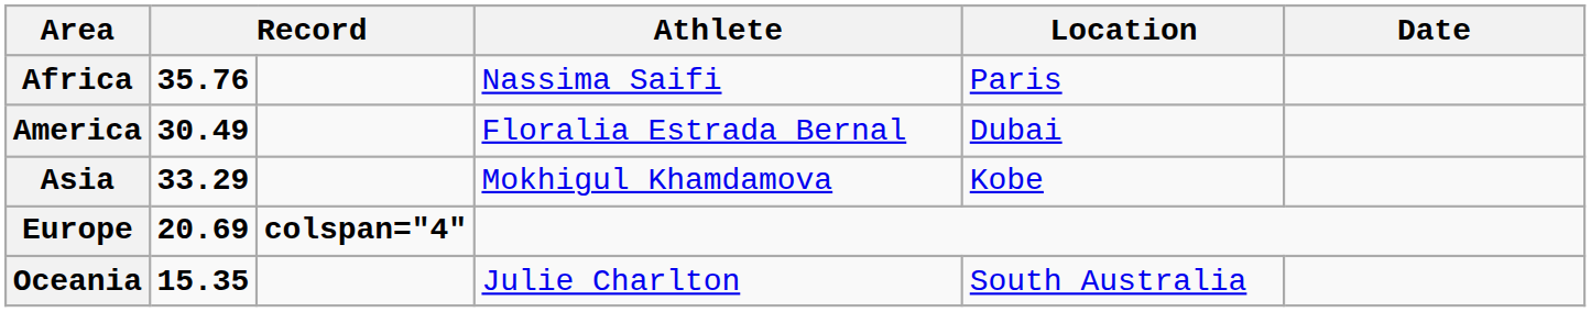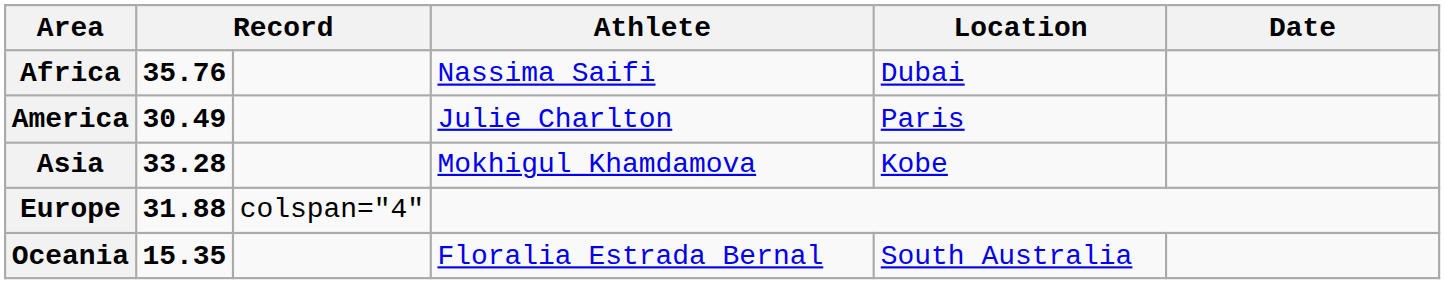 <table class="wikitable">
 <tr>
 <th width="45">Area</th>
 <th width="80" colspan="2">Record</th>
 <th width="200">Athlete</th>
 <th width="130">Location</th>
 <th width="120">Date</th>
 </tr>
 <tr>
 <th>Africa</th>
 <td align="center"><strong>35.76</strong></td>
 <td align="center"><strong></strong></td>
 <td> <a href='#'>Nassima Saifi</a></td>
-<td> <a href='#'>Paris</a></td>
+<td> <a href='#'>Dubai</a></td>
 <td align="right"></td>
 </tr>
 <tr>
 <th>America</th>
 <td align="center"><strong>30.49</strong></td>
 <td align="center"></td>
-<td> <a href='#'>Floralia Estrada Bernal</a></td>
-<td> <a href='#'>Dubai</a></td>
+<td> <a href='#'>Julie Charlton</a></td>
+<td> <a href='#'>Paris</a></td>
 <td align="right"></td>
 </tr>
 <tr>
 <th>Asia</th>
-<td align="center"><strong>33.29</strong></td>
+<td align="center"><strong>33.28</strong></td>
 <td align="center"></td>
 <td> <a href='#'>Mokhigul Khamdamova</a></td>
 <td> <a href='#'>Kobe</a></td>
 <td align="right"></td>
 </tr>
 <tr>
 <th>Europe</th>
-<td align="center"><strong>20.69</strong></td>
-<td><strong>colspan="4" </strong></td>
+<td align="center"><strong>31.88</strong></td>
+<td>colspan="4" </td>
 </tr>
 <tr>
 <th>Oceania</th>
 <td align="center"><strong>15.35</strong></td>
 <td align="center"></td>
-<td> <a href='#'>Julie Charlton</a></td>
+<td> <a href='#'>Floralia Estrada Bernal</a></td>
 <td> <a href='#'>South Australia</a></td>
 <td align="right"></td>
 </tr>
 </table>
